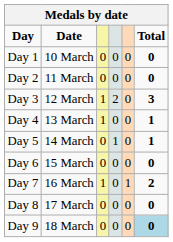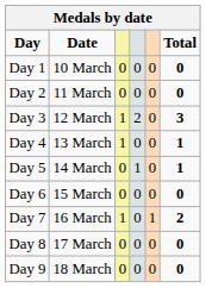 <table class=wikitable style="font-size:85%">
 <tr bgcolor=efefef>
 <th colspan=6><strong>Medals by date</strong></th>
 </tr>
 <tr align=center>
 <td><strong>Day</strong></td>
 <td><strong>Date</strong></td>
 <td bgcolor=#f7f6a8></td>
 <td bgcolor=#dce5e5></td>
 <td bgcolor=#ffdab9></td>
 <td><strong>Total</strong></td>
 </tr>
 <tr align=center>
 <td>Day 1</td>
 <td>10 March</td>
 <td bgcolor=F7F6A8>0</td>
 <td bgcolor=DCE5E5>0</td>
 <td bgcolor=FFDAB9>0</td>
 <td><strong>0</strong></td>
 </tr>
 <tr align=center>
 <td>Day 2</td>
 <td>11 March</td>
 <td bgcolor=F7F6A8>0</td>
 <td bgcolor=DCE5E5>0</td>
 <td bgcolor=FFDAB9>0</td>
 <td><strong>0</strong></td>
 </tr>
 <tr align=center>
 <td>Day 3</td>
 <td>12 March</td>
 <td bgcolor=F7F6A8>1</td>
 <td bgcolor=DCE5E5>2</td>
 <td bgcolor=FFDAB9>0</td>
 <td><strong>3</strong></td>
 </tr>
 <tr align=center>
 <td>Day 4</td>
 <td>13 March</td>
 <td bgcolor=F7F6A8>1</td>
 <td bgcolor=DCE5E5>0</td>
 <td bgcolor=FFDAB9>0</td>
 <td><strong>1</strong></td>
 </tr>
 <tr align=center>
 <td>Day 5</td>
 <td>14 March</td>
 <td bgcolor=F7F6A8>0</td>
 <td bgcolor=DCE5E5>1</td>
 <td bgcolor=FFDAB9>0</td>
 <td><strong>1</strong></td>
 </tr>
 <tr align=center>
 <td>Day 6</td>
 <td>15 March</td>
 <td bgcolor=F7F6A8>0</td>
 <td bgcolor=DCE5E5>0</td>
 <td bgcolor=FFDAB9>0</td>
 <td><strong>0</strong></td>
 </tr>
 <tr align=center>
 <td>Day 7</td>
 <td>16 March</td>
 <td bgcolor=F7F6A8>1</td>
 <td bgcolor=DCE5E5>0</td>
 <td bgcolor=FFDAB9>1</td>
 <td><strong>2</strong></td>
 </tr>
 <tr align=center>
 <td>Day 8</td>
 <td>17 March</td>
 <td bgcolor=F7F6A8>0</td>
 <td bgcolor=DCE5E5>0</td>
 <td bgcolor=FFDAB9>0</td>
 <td><strong>0</strong></td>
 </tr>
 <tr align=center>
 <td>Day 9</td>
 <td>18 March</td>
 <td bgcolor=F7F6A8>0</td>
 <td bgcolor=DCE5E5>0</td>
 <td bgcolor=FFDAB9>0</td>
-<td style="background: lightblue;"><strong>0</strong></td>
+<td><strong>0</strong></td>
 </tr>
 </table>
